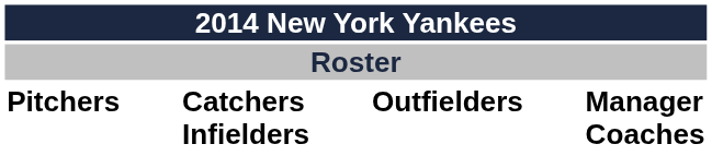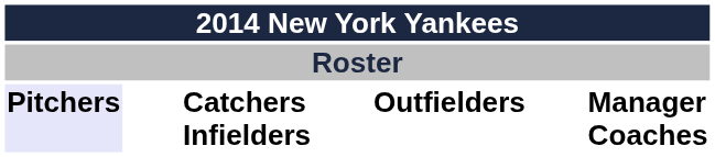 <table class="toccolours" style="font-size: 95%;">
 <tr>
 <th colspan="10" style="background:#1c2841; color:white; text-align:center;">2014 New York Yankees</th>
 </tr>
 <tr>
 <td colspan="10" style="background:silver; color:#1c2841; text-align:center;"><strong>Roster</strong></td>
 </tr>
 <tr>
-<td valign="top"><strong>Pitchers</strong><br>                               </td>
+<td valign="top" style="background: lavender;"><strong>Pitchers</strong><br>                               </td>
 <td style="width:25px;"></td>
 <td valign="top"><strong>Catchers</strong><br>    <strong>Infielders</strong>             </td>
 <td style="width:25px;"></td>
 <td valign="top"><strong>Outfielders</strong><br>        </td>
 <td style="width:25px;"></td>
 <td valign="top"><strong>Manager</strong><br> <strong>Coaches</strong>                </td>
 </tr>
 </table>
